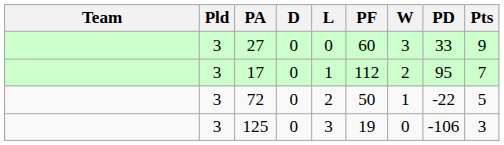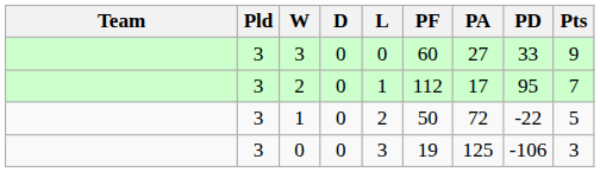 <table class="wikitable" style="text-align:center;">
 <tr>
 <th width=175>Team</th>
 <th width=25 abbr="Played">Pld</th>
-<th width=32 abbr="Points against">PA</th>
+<th width=25 abbr="Won">W</th>
 <th width=25 abbr="Drawn">D</th>
 <th width=25 abbr="Lost">L</th>
 <th width=32 abbr="Points for">PF</th>
-<th width=25 abbr="Won">W</th>
+<th width=32 abbr="Points against">PA</th>
 <th width=32 abbr="Points difference">PD</th>
 <th width=25 abbr="Points">Pts</th>
 </tr>
 <tr bgcolor="#ccffcc">
 <td align=left></td>
 <td>3</td>
-<td>27</td>
+<td>3</td>
 <td>0</td>
 <td>0</td>
 <td>60</td>
-<td>3</td>
+<td>27</td>
 <td>33</td>
 <td>9</td>
 </tr>
 <tr bgcolor="#ccffcc">
 <td align=left></td>
 <td>3</td>
-<td>17</td>
+<td>2</td>
 <td>0</td>
 <td>1</td>
 <td>112</td>
-<td>2</td>
+<td>17</td>
 <td>95</td>
 <td>7</td>
 </tr>
 <tr>
 <td align=left></td>
 <td>3</td>
-<td>72</td>
+<td>1</td>
 <td>0</td>
 <td>2</td>
 <td>50</td>
-<td>1</td>
+<td>72</td>
 <td>-22</td>
 <td>5</td>
 </tr>
 <tr>
 <td align=left></td>
 <td>3</td>
-<td>125</td>
+<td>0</td>
 <td>0</td>
 <td>3</td>
 <td>19</td>
-<td>0</td>
+<td>125</td>
 <td>-106</td>
 <td>3</td>
 </tr>
 </table>
